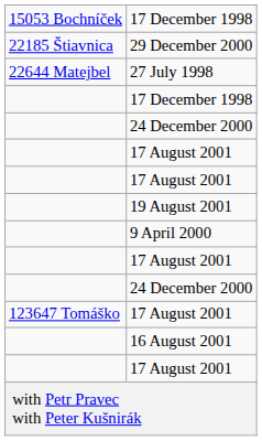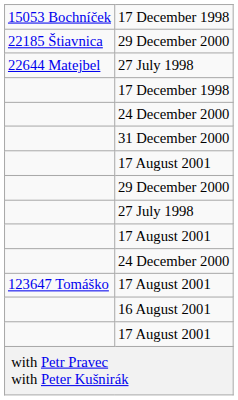 <table class="wikitable floatright" style="font-size:89%;">
 <tr>
 <td><a href='#'>15053 Bochníček</a></td>
 <td>17 December 1998</td>
 </tr>
 <tr>
 <td><a href='#'>22185 Štiavnica</a></td>
 <td>29 December 2000</td>
 </tr>
 <tr>
 <td><a href='#'>22644 Matejbel</a></td>
 <td>27 July 1998</td>
 </tr>
 <tr>
 <td></td>
 <td>17 December 1998</td>
 </tr>
 <tr>
 <td></td>
 <td>24 December 2000</td>
 </tr>
 <tr>
 <td></td>
-<td>17 August 2001</td>
+<td>31 December 2000</td>
 </tr>
 <tr>
 <td></td>
 <td>17 August 2001</td>
 </tr>
 <tr>
 <td></td>
-<td>19 August 2001</td>
+<td>29 December 2000</td>
 </tr>
 <tr>
 <td></td>
-<td>9 April 2000</td>
+<td>27 July 1998</td>
 </tr>
 <tr>
 <td></td>
 <td>17 August 2001</td>
 </tr>
 <tr>
 <td></td>
 <td>24 December 2000</td>
 </tr>
 <tr>
 <td><a href='#'>123647 Tomáško</a></td>
 <td>17 August 2001</td>
 </tr>
 <tr>
 <td></td>
 <td>16 August 2001</td>
 </tr>
 <tr>
 <td></td>
 <td>17 August 2001</td>
 </tr>
 <tr>
 <th colspan=2 style="font-weight: normal; text-align: left; padding: 6px;"> with <a href='#'>Petr Pravec</a><br> with <a href='#'>Peter Kušnirák</a></th>
 </tr>
 </table>
